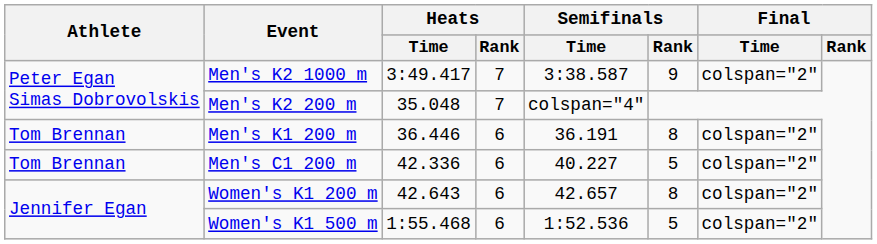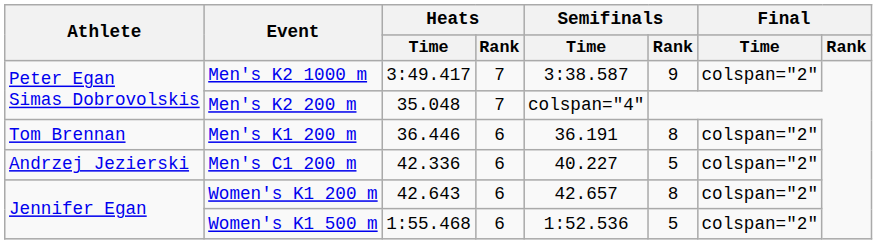 <table class="wikitable" style="font-size:90%">
 <tr>
 <th rowspan=2>Athlete</th>
 <th rowspan=2>Event</th>
 <th colspan=2>Heats</th>
 <th colspan=2>Semifinals</th>
 <th colspan=2>Final</th>
 </tr>
 <tr style="font-size:95%">
 <th>Time</th>
 <th>Rank</th>
 <th>Time</th>
 <th>Rank</th>
 <th>Time</th>
 <th>Rank</th>
 </tr>
 <tr align=center>
 <td rowspan="2" align=left><a href='#'>Peter Egan</a><br><a href='#'>Simas Dobrovolskis</a></td>
 <td align=left><a href='#'>Men's K2 1000 m</a></td>
 <td>3:49.417</td>
 <td>7</td>
 <td>3:38.587</td>
 <td>9</td>
 <td>colspan="2" </td>
 </tr>
 <tr align="center">
 <td align=left><a href='#'>Men's K2 200 m</a></td>
 <td>35.048</td>
 <td>7</td>
 <td>colspan="4" </td>
 </tr>
 <tr align=center>
 <td align=left><a href='#'>Tom Brennan</a></td>
 <td align=left><a href='#'>Men's K1 200 m</a></td>
 <td>36.446</td>
 <td>6</td>
 <td>36.191</td>
 <td>8</td>
 <td>colspan="2" </td>
 </tr>
 <tr align=center>
-<td align=left><a href='#'>Tom Brennan</a></td>
+<td align=left><a href='#'>Andrzej Jezierski</a></td>
 <td align=left><a href='#'>Men's C1 200 m</a></td>
 <td>42.336</td>
 <td>6</td>
 <td>40.227</td>
 <td>5</td>
 <td>colspan="2" </td>
 </tr>
 <tr align=center>
 <td rowspan="2" align=left><a href='#'>Jennifer Egan</a></td>
 <td align=left><a href='#'>Women's K1 200 m</a></td>
 <td>42.643</td>
 <td>6</td>
 <td>42.657</td>
 <td>8</td>
 <td>colspan="2" </td>
 </tr>
 <tr align=center>
 <td align=left><a href='#'>Women's K1 500 m</a></td>
 <td>1:55.468</td>
 <td>6</td>
 <td>1:52.536</td>
 <td>5</td>
 <td>colspan="2" </td>
 </tr>
 </table>
